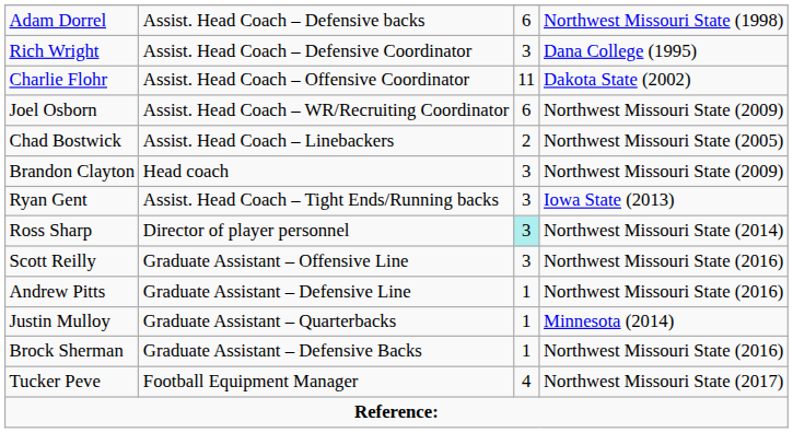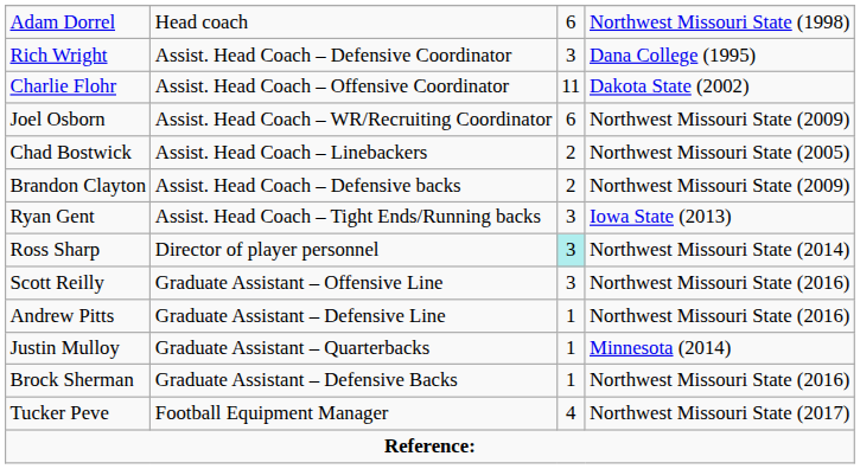 <table class="wikitable" style="font-size:90%;">
 <tr>
 </tr>
 <tr>
 <td><a href='#'>Adam Dorrel</a></td>
-<td>Assist. Head Coach – Defensive backs</td>
+<td>Head coach</td>
 <td align=center>6</td>
 <td><a href='#'>Northwest Missouri State</a> (1998)</td>
 </tr>
 <tr>
 <td><a href='#'>Rich Wright</a></td>
 <td>Assist. Head Coach – Defensive Coordinator</td>
 <td align=center>3</td>
 <td><a href='#'>Dana College</a> (1995)</td>
 </tr>
 <tr>
 <td><a href='#'>Charlie Flohr</a></td>
 <td>Assist. Head Coach – Offensive Coordinator</td>
 <td align=center>11</td>
 <td><a href='#'>Dakota State</a> (2002)</td>
 </tr>
 <tr>
 <td>Joel Osborn</td>
 <td>Assist. Head Coach – WR/Recruiting Coordinator</td>
 <td align=center>6</td>
 <td>Northwest Missouri State (2009)</td>
 </tr>
 <tr>
 <td>Chad Bostwick</td>
 <td>Assist. Head Coach – Linebackers</td>
 <td align=center>2</td>
 <td>Northwest Missouri State (2005)</td>
 </tr>
 <tr>
 <td>Brandon Clayton</td>
-<td>Head coach</td>
-<td align=center>3</td>
+<td>Assist. Head Coach – Defensive backs</td>
+<td align=center>2</td>
 <td>Northwest Missouri State (2009)</td>
 </tr>
 <tr>
 <td>Ryan Gent</td>
 <td>Assist. Head Coach – Tight Ends/Running backs</td>
 <td align=center>3</td>
 <td><a href='#'>Iowa State</a> (2013)</td>
 </tr>
 <tr>
 <td>Ross Sharp</td>
 <td>Director of player personnel</td>
 <td align=center style="background: paleturquoise;">3</td>
 <td>Northwest Missouri State (2014)</td>
 </tr>
 <tr>
 <td>Scott Reilly</td>
 <td>Graduate Assistant – Offensive Line</td>
 <td align=center>3</td>
 <td>Northwest Missouri State (2016)</td>
 </tr>
 <tr>
 <td>Andrew Pitts</td>
 <td>Graduate Assistant – Defensive Line</td>
 <td align=center>1</td>
 <td>Northwest Missouri State (2016)</td>
 </tr>
 <tr>
 <td>Justin Mulloy</td>
 <td>Graduate Assistant – Quarterbacks</td>
 <td align=center>1</td>
 <td><a href='#'>Minnesota</a> (2014)</td>
 </tr>
 <tr>
 <td>Brock Sherman</td>
 <td>Graduate Assistant – Defensive Backs</td>
 <td align=center>1</td>
 <td>Northwest Missouri State (2016)</td>
 </tr>
 <tr>
 <td>Tucker Peve</td>
 <td>Football Equipment Manager</td>
 <td align=center>4</td>
 <td>Northwest Missouri State (2017)</td>
 </tr>
 <tr style="text-align:center;">
 <td colspan=4><strong>Reference:</strong></td>
 </tr>
 </table>
